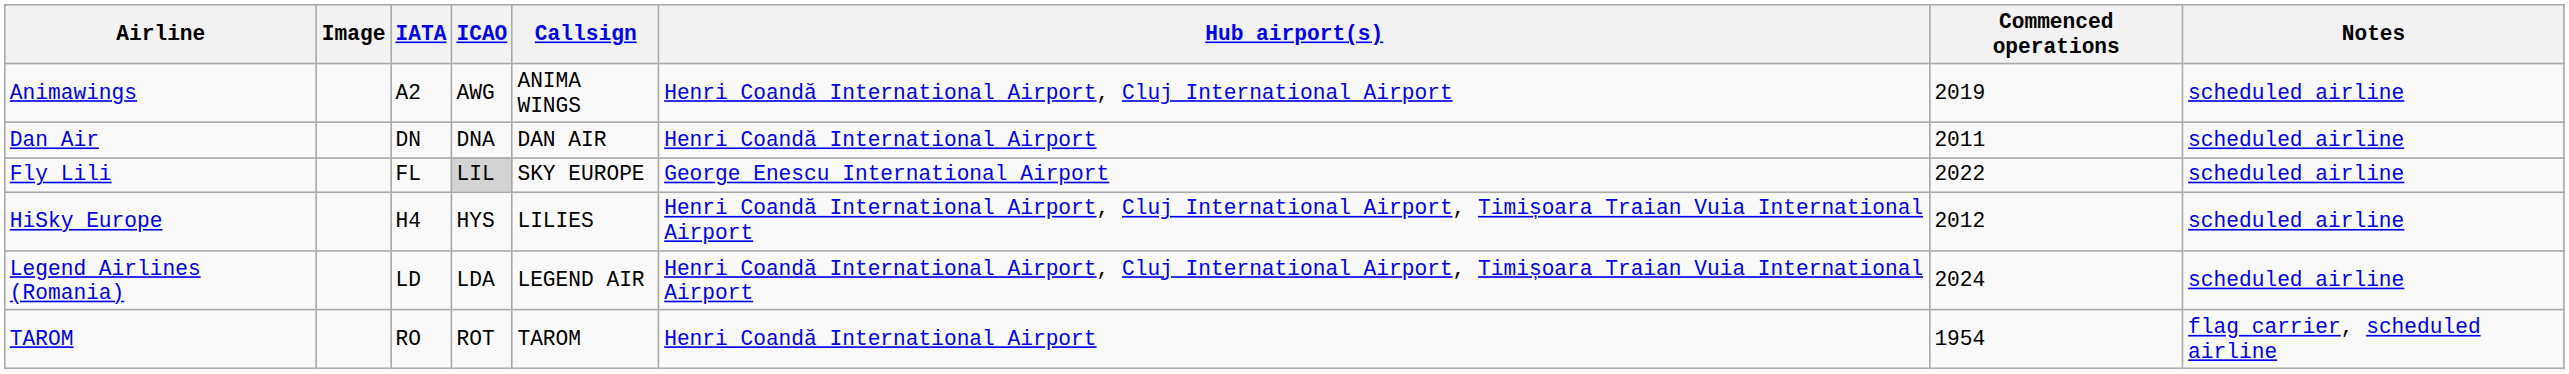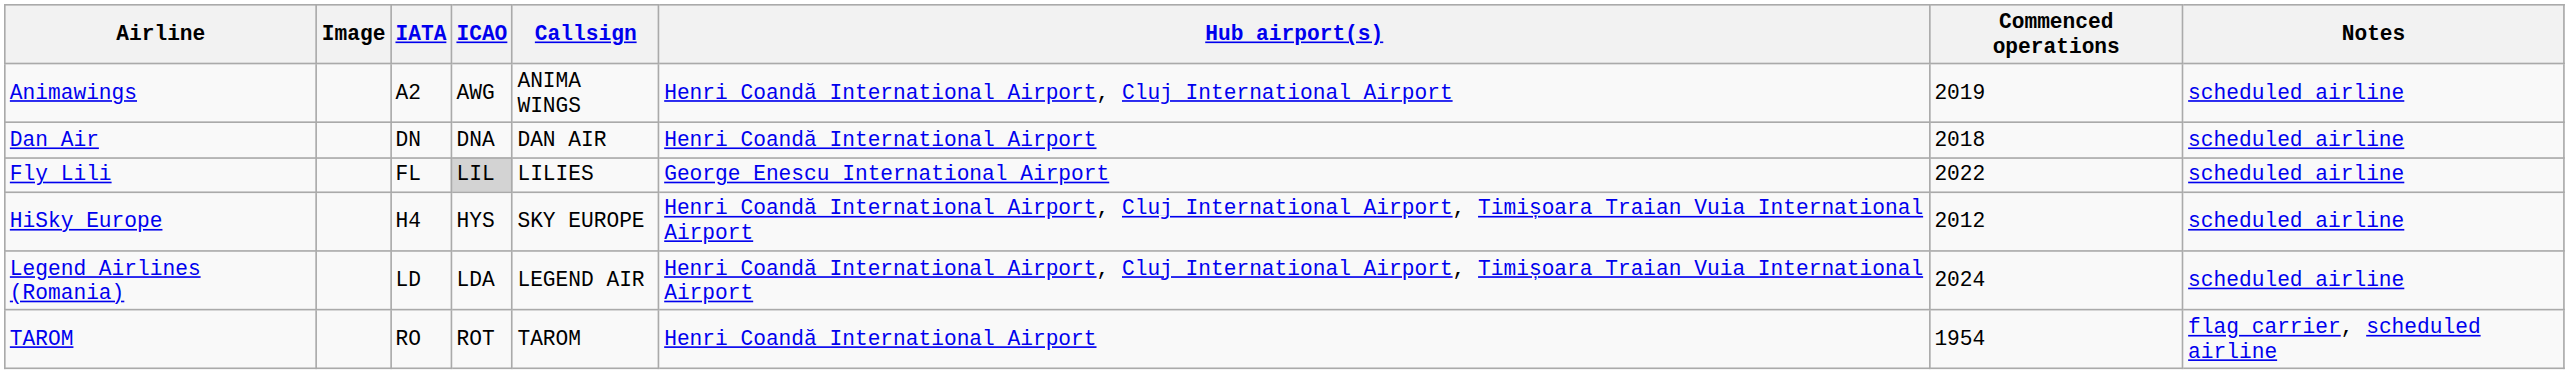 <table class="wikitable sortable" style="border: 0; cellpadding: 2; cellspacing: 3;">
 <tr valign="middle">
 <th>Airline</th>
 <th>Image</th>
 <th><a href='#'>IATA</a></th>
 <th><a href='#'>ICAO</a></th>
 <th><a href='#'>Callsign</a></th>
 <th><a href='#'>Hub airport(s)</a></th>
 <th>Commenced operations</th>
 <th class="unsortable">Notes</th>
 </tr>
 <tr>
 <td><a href='#'>Animawings</a></td>
 <td></td>
 <td>A2</td>
 <td>AWG</td>
 <td>ANIMA WINGS</td>
 <td><a href='#'>Henri Coandă International Airport</a>, <a href='#'>Cluj International Airport</a></td>
 <td>2019</td>
 <td><a href='#'>scheduled airline</a></td>
 </tr>
 <tr>
 <td><a href='#'>Dan Air</a></td>
 <td></td>
 <td>DN</td>
 <td>DNA</td>
 <td>DAN AIR</td>
 <td><a href='#'>Henri Coandă International Airport</a></td>
-<td>2011</td>
+<td>2018</td>
 <td><a href='#'>scheduled airline</a></td>
 </tr>
 <tr>
 <td><a href='#'>Fly Lili</a></td>
 <td></td>
 <td>FL</td>
 <td style="background: lightgrey;">LIL</td>
-<td>SKY EUROPE</td>
+<td>LILIES</td>
 <td><a href='#'>George Enescu International Airport</a></td>
 <td>2022</td>
 <td><a href='#'>scheduled airline</a></td>
 </tr>
 <tr>
 <td><a href='#'>HiSky Europe</a></td>
 <td></td>
 <td>H4</td>
 <td>HYS</td>
-<td>LILIES</td>
+<td>SKY EUROPE</td>
 <td><a href='#'>Henri Coandă International Airport</a>, <a href='#'>Cluj International Airport</a>, <a href='#'>Timișoara Traian Vuia International Airport</a></td>
 <td>2012</td>
 <td><a href='#'>scheduled airline</a></td>
 </tr>
 <tr>
 <td><a href='#'>Legend Airlines (Romania)</a></td>
 <td></td>
 <td>LD</td>
 <td>LDA</td>
 <td>LEGEND AIR</td>
 <td><a href='#'>Henri Coandă International Airport</a>, <a href='#'>Cluj International Airport</a>, <a href='#'>Timișoara Traian Vuia International Airport</a></td>
 <td>2024</td>
 <td><a href='#'>scheduled airline</a></td>
 </tr>
 <tr>
 <td><a href='#'>TAROM</a></td>
 <td></td>
 <td>RO</td>
 <td>ROT</td>
 <td>TAROM</td>
 <td><a href='#'>Henri Coandă International Airport</a></td>
 <td>1954</td>
 <td><a href='#'>flag carrier</a>, <a href='#'>scheduled airline</a></td>
 </tr>
 </table>
